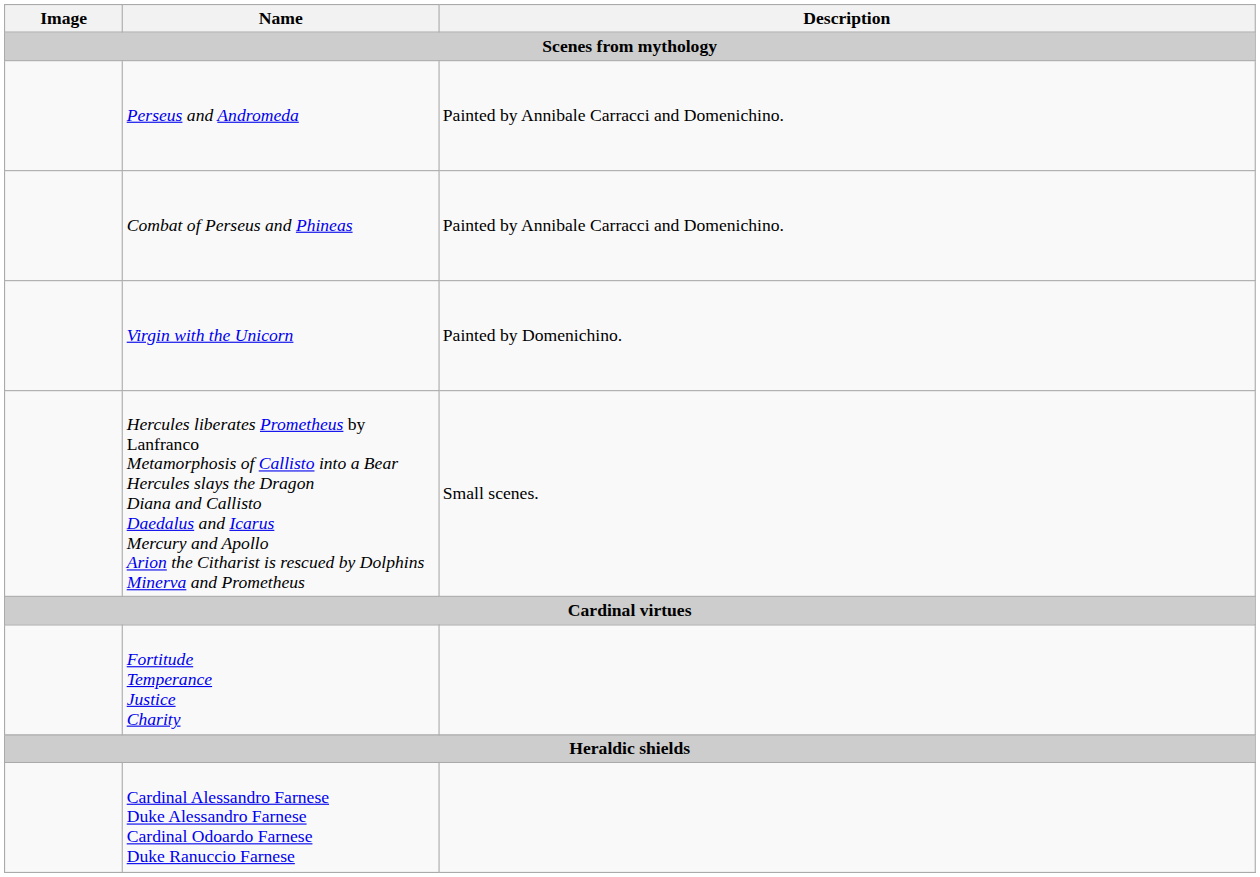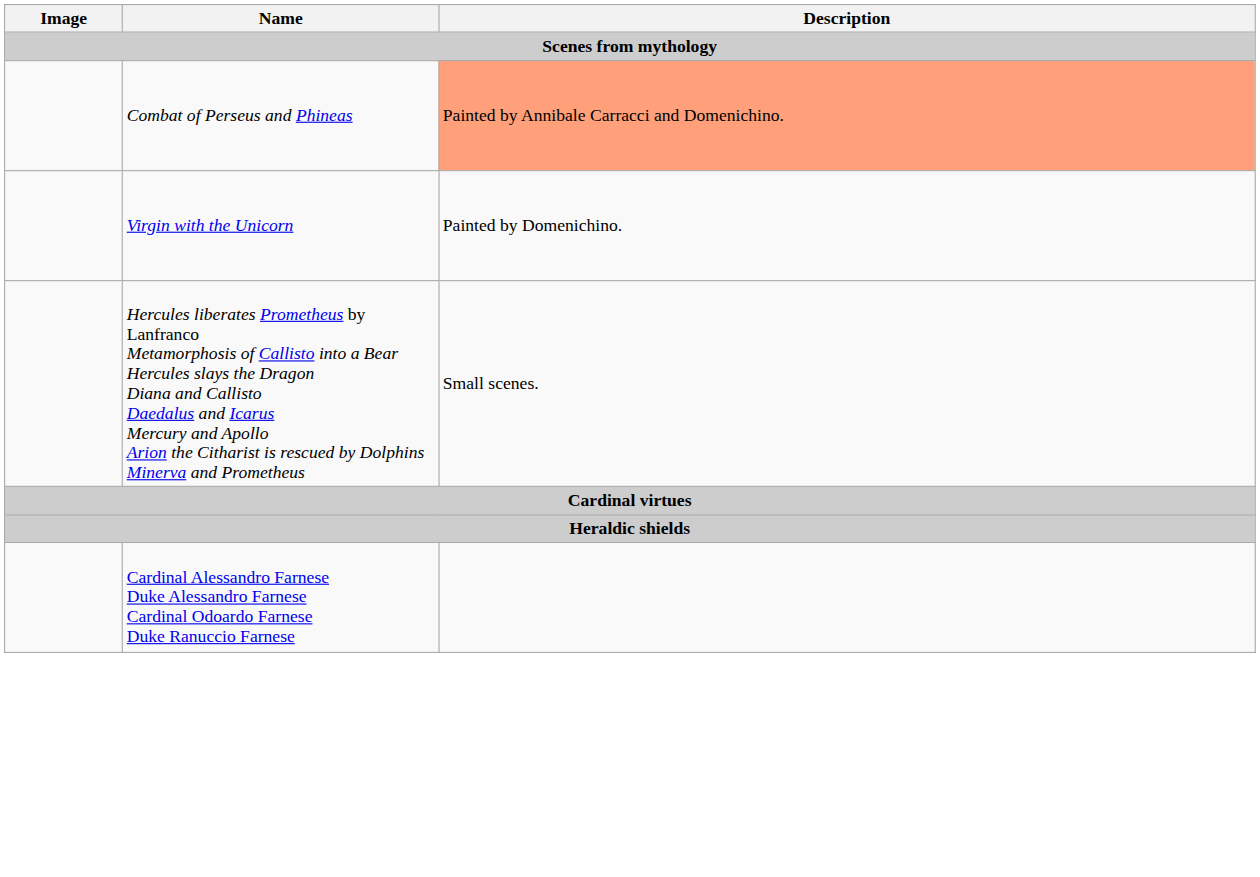 <table class="wikitable" style="width: 90%">
 <tr>
 <th style="width: 100px;">Image</th>
 <th style="width: 280px;">Name</th>
 <th>Description</th>
 </tr>
 <tr style="text-align:center; background: #cdcdcd;">
 <td colspan="3"><strong>Scenes from mythology</strong></td>
 </tr>
 <tr style="height: 100px;">
 <td></td>
-<td><em><a href='#'>Perseus</a> and <a href='#'>Andromeda</a></em></td>
-<td>Painted by Annibale Carracci and Domenichino.</td>
-</tr>
-<tr style="height: 100px;">
-<td></td>
 <td><em>Combat of Perseus and <a href='#'>Phineas</a></em></td>
-<td>Painted by Annibale Carracci and Domenichino. </td>
+<td style="background: lightsalmon;">Painted by Annibale Carracci and Domenichino. </td>
 </tr>
 <tr style="height: 100px;">
 <td></td>
 <td><em><a href='#'>Virgin with the Unicorn</a></em></td>
 <td>Painted by Domenichino.</td>
 </tr>
 <tr style="height: 100px;">
 <td><br><br></td>
 <td><br><em>Hercules liberates <a href='#'>Prometheus</a></em> by Lanfranco<br> <em>Metamorphosis of <a href='#'>Callisto</a> into a Bear</em><br> <em>Hercules slays the Dragon</em><br> <em>Diana and Callisto</em><br> <em><a href='#'>Daedalus</a> and <a href='#'>Icarus</a></em><br> <em>Mercury and Apollo</em><br> <em><a href='#'>Arion</a> the Citharist is rescued by Dolphins</em><br> <em><a href='#'>Minerva</a> and Prometheus</em></td>
 <td>Small scenes.</td>
 </tr>
 <tr style="text-align:center; background: #cdcdcd;">
 <td colspan="3"><strong>Cardinal virtues</strong></td>
 </tr>
-<tr style="height: 100px;">
-<td></td>
-<td><br><em><a href='#'>Fortitude</a></em><br> <em><a href='#'>Temperance</a></em><br> <em><a href='#'>Justice</a></em><br> <em><a href='#'>Charity</a></em></td>
-<td></td>
-</tr>
 <tr style="text-align:center; background: #cdcdcd;">
 <td colspan="3"><strong>Heraldic shields</strong></td>
 </tr>
 <tr style="height: 100px;">
 <td></td>
 <td><br><a href='#'>Cardinal Alessandro Farnese</a><br> <a href='#'>Duke Alessandro Farnese</a><br> <a href='#'>Cardinal Odoardo Farnese</a><br> <a href='#'>Duke Ranuccio Farnese</a></td>
 <td></td>
 </tr>
 </table>
